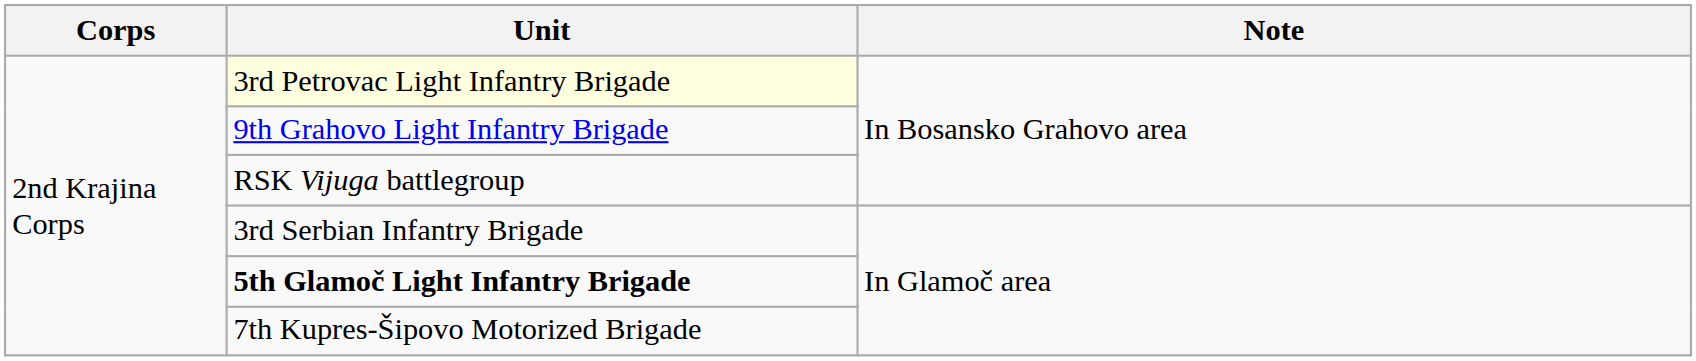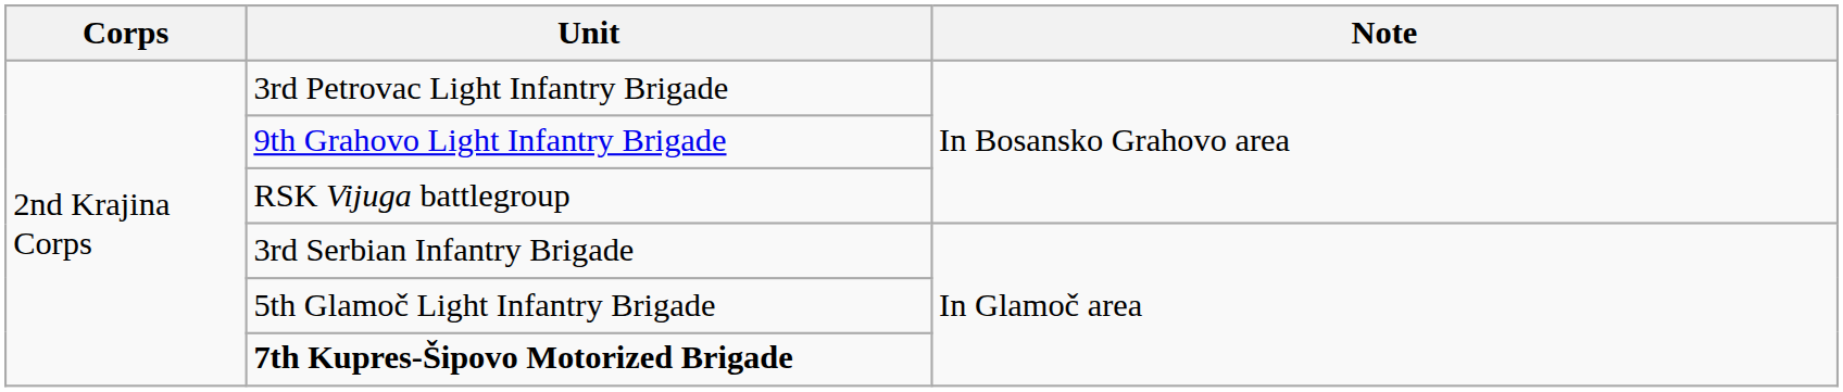 <table class="plainrowheaders wikitable collapsible collapsed" style="cellspacing=2px; text-align:left; font-size:90%;" width=800px>
 <tr style="font-size:100%; text-align:right;">
 <th style="width:100px;" scope="col">Corps</th>
 <th style="width:300px;" scope="col">Unit</th>
 <th style="width:400px;" scope="col">Note</th>
 </tr>
 <tr>
 <td rowspan=6>2nd Krajina Corps</td>
-<td style="background: lightyellow;">3rd Petrovac Light Infantry Brigade</td>
+<td>3rd Petrovac Light Infantry Brigade</td>
 <td rowspan=3>In Bosansko Grahovo area</td>
 </tr>
 <tr>
 <td><a href='#'>9th Grahovo Light Infantry Brigade</a></td>
 </tr>
 <tr>
 <td>RSK <em>Vijuga</em> battlegroup</td>
 </tr>
 <tr>
 <td>3rd Serbian Infantry Brigade</td>
 <td rowspan=3>In Glamoč area</td>
 </tr>
 <tr>
-<td><strong>5th Glamoč Light Infantry Brigade</strong></td>
+<td>5th Glamoč Light Infantry Brigade</td>
 </tr>
 <tr>
-<td>7th Kupres-Šipovo Motorized Brigade</td>
+<td><strong>7th Kupres-Šipovo Motorized Brigade</strong></td>
 </tr>
 </table>
